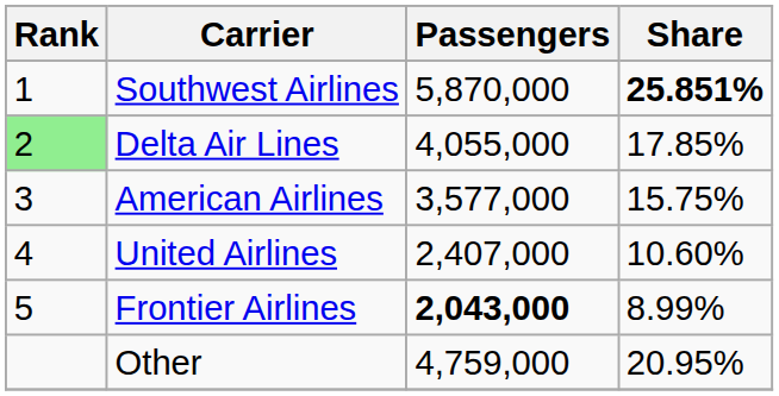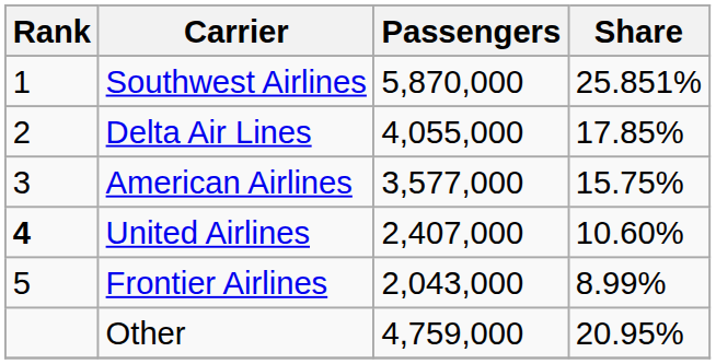 <table class="wikitable" style="font-size: 95%" width= align=>
 <tr>
 <th>Rank</th>
 <th>Carrier</th>
 <th>Passengers</th>
 <th>Share</th>
 </tr>
 <tr>
 <td>1</td>
 <td><a href='#'>Southwest Airlines</a></td>
 <td>5,870,000</td>
-<td><strong>25.851%</strong></td>
+<td>25.851%</td>
 </tr>
 <tr>
-<td style="background: lightgreen;">2</td>
+<td>2</td>
 <td><a href='#'>Delta Air Lines</a></td>
 <td>4,055,000</td>
 <td>17.85%</td>
 </tr>
 <tr>
 <td>3</td>
 <td><a href='#'>American Airlines</a></td>
 <td>3,577,000</td>
 <td>15.75%</td>
 </tr>
 <tr>
-<td>4</td>
+<td><strong>4</strong></td>
 <td><a href='#'>United Airlines</a></td>
 <td>2,407,000</td>
 <td>10.60%</td>
 </tr>
 <tr>
 <td>5</td>
 <td><a href='#'>Frontier Airlines</a></td>
-<td><strong>2,043,000</strong></td>
+<td>2,043,000</td>
 <td>8.99%</td>
 </tr>
 <tr>
 <td></td>
 <td>Other</td>
 <td>4,759,000</td>
 <td>20.95%</td>
 </tr>
 <tr>
 </tr>
 </table>
